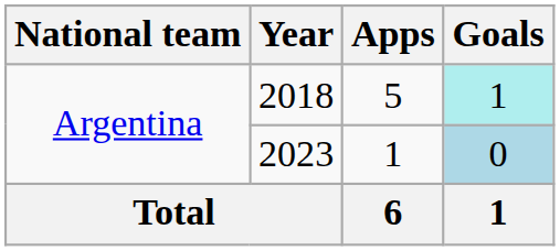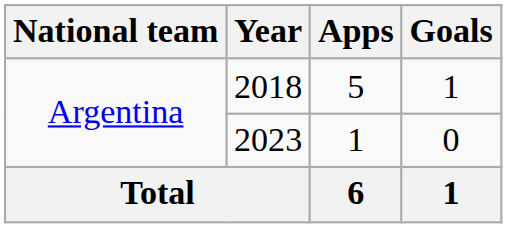 <table class="wikitable" style="text-align:center">
 <tr>
 <th>National team</th>
 <th>Year</th>
 <th>Apps</th>
 <th>Goals</th>
 </tr>
 <tr>
 <td rowspan="2"><a href='#'>Argentina</a></td>
 <td>2018</td>
 <td>5</td>
-<td style="background: paleturquoise;">1</td>
+<td>1</td>
 </tr>
 <tr>
 <td>2023</td>
 <td>1</td>
-<td style="background: lightblue;">0</td>
+<td>0</td>
 </tr>
 <tr>
 <th colspan="2">Total</th>
 <th>6</th>
 <th>1</th>
 </tr>
 </table>
